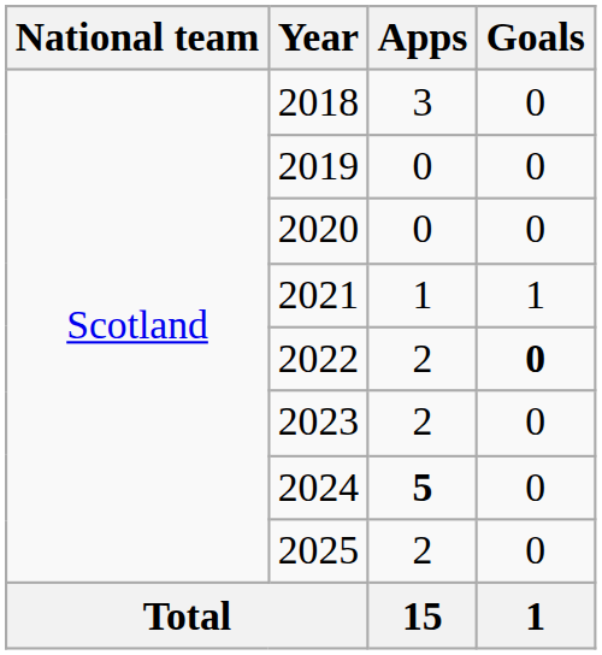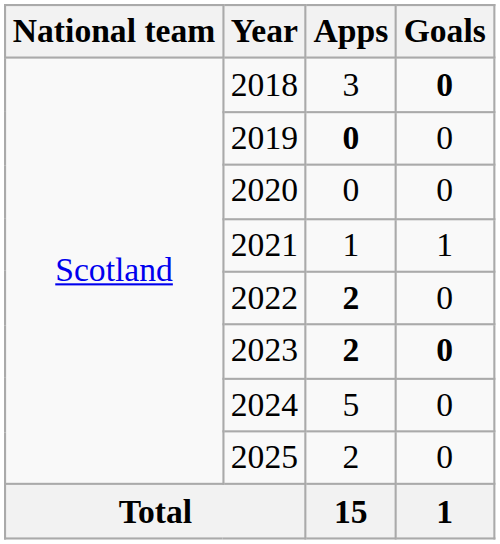 <table class="wikitable" style="text-align:center">
 <tr>
 <th>National team</th>
 <th>Year</th>
 <th>Apps</th>
 <th>Goals</th>
 </tr>
 <tr>
 <td rowspan="8"><a href='#'>Scotland</a></td>
 <td>2018</td>
 <td>3</td>
-<td>0</td>
+<td><strong>0</strong></td>
 </tr>
 <tr>
 <td>2019</td>
-<td>0</td>
+<td><strong>0</strong></td>
 <td>0</td>
 </tr>
 <tr>
 <td>2020</td>
 <td>0</td>
 <td>0</td>
 </tr>
 <tr>
 <td>2021</td>
 <td>1</td>
 <td>1</td>
 </tr>
 <tr>
 <td>2022</td>
-<td>2</td>
+<td><strong>2</strong></td>
+<td>0</td>
+</tr>
+<tr>
+<td>2023</td>
+<td><strong>2</strong></td>
 <td><strong>0</strong></td>
 </tr>
 <tr>
-<td>2023</td>
-<td>2</td>
-<td>0</td>
-</tr>
-<tr>
 <td>2024</td>
-<td><strong>5</strong></td>
+<td>5</td>
 <td>0</td>
 </tr>
 <tr>
 <td>2025</td>
 <td>2</td>
 <td>0</td>
 </tr>
 <tr>
 <th colspan="2">Total</th>
 <th>15</th>
 <th>1</th>
 </tr>
 </table>
